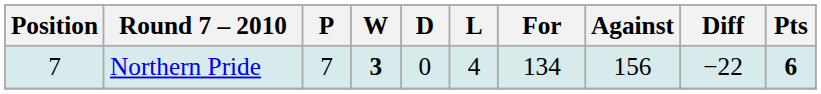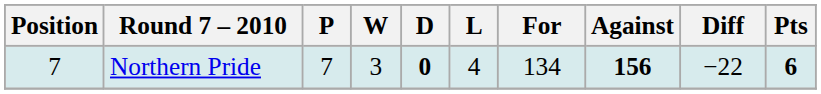 <table class="wikitable" style="text-align:center; font-size:85%;">
 <tr>
 <th width=40 abbr="Position">Position</th>
 <th width=100>Round 7 – 2010</th>
 <th width=20 abbr="Played">P</th>
 <th width=20 abbr="Won">W</th>
 <th width=20 abbr="Drawn">D</th>
 <th width=20 abbr="Lost">L</th>
 <th width=40 abbr="Points for">For</th>
 <th width=40 abbr="Points against">Against</th>
 <th width=40 abbr="Points difference">Diff</th>
 <th width=20 abbr="Points">Pts</th>
 </tr>
 <tr style="background: #d7ebed;">
 <td>7</td>
 <td style="text-align:left;"> <a href='#'>Northern Pride</a></td>
 <td>7</td>
-<td><strong>3</strong></td>
-<td>0</td>
+<td>3</td>
+<td><strong>0</strong></td>
 <td>4</td>
 <td>134</td>
-<td>156</td>
+<td><strong>156</strong></td>
 <td>−22</td>
 <td><strong>6</strong></td>
 </tr>
 <tr>
 </tr>
 </table>
